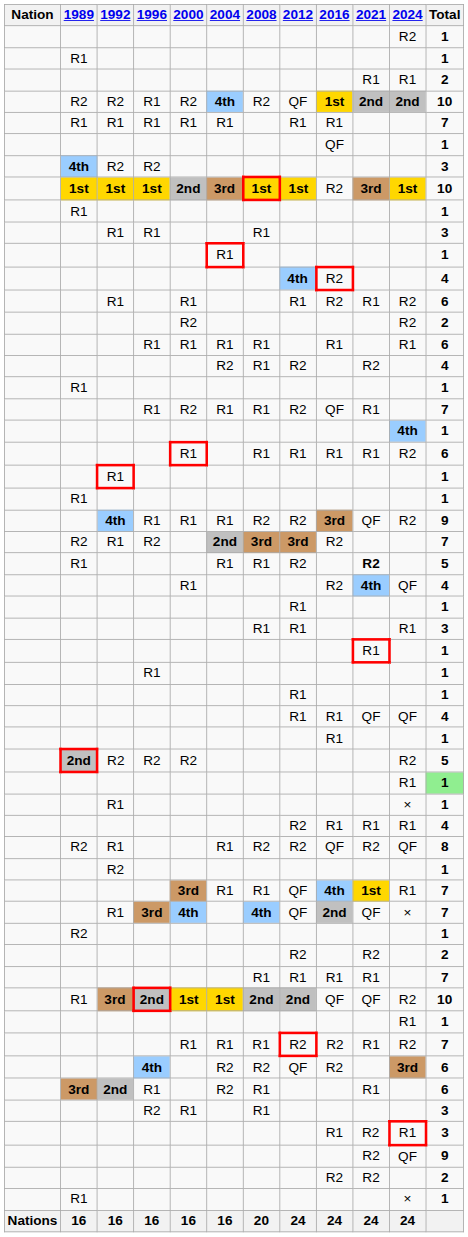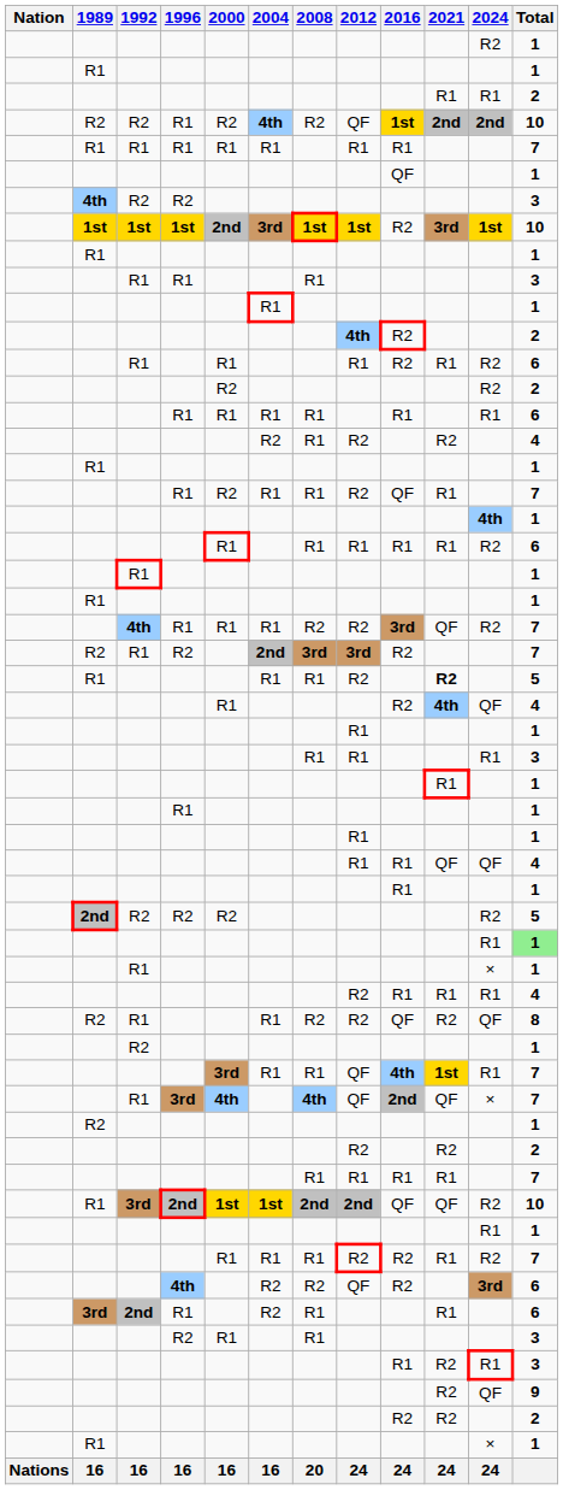 <table class="wikitable" style="text-align:center">
 <tr>
 <th>Nation</th>
 <th><a href='#'>1989</a><br></th>
 <th><a href='#'>1992</a><br></th>
 <th><a href='#'>1996</a><br></th>
 <th><a href='#'>2000</a><br></th>
 <th><a href='#'>2004</a><br></th>
 <th><a href='#'>2008</a><br></th>
 <th><a href='#'>2012</a><br></th>
 <th><a href='#'>2016</a><br></th>
 <th><a href='#'>2021</a><br></th>
 <th><a href='#'>2024</a><br></th>
 <th>Total</th>
 </tr>
 <tr>
 <td align=left></td>
 <td></td>
 <td></td>
 <td></td>
 <td></td>
 <td></td>
 <td></td>
 <td></td>
 <td></td>
 <td></td>
 <td>R2</td>
 <td><strong>1</strong></td>
 </tr>
 <tr>
 <td align=left></td>
 <td>R1</td>
 <td></td>
 <td></td>
 <td></td>
 <td></td>
 <td></td>
 <td></td>
 <td></td>
 <td></td>
 <td></td>
 <td><strong>1</strong></td>
 </tr>
 <tr>
 <td align=left></td>
 <td></td>
 <td></td>
 <td></td>
 <td></td>
 <td></td>
 <td></td>
 <td></td>
 <td></td>
 <td>R1</td>
 <td>R1</td>
 <td><strong>2</strong></td>
 </tr>
 <tr>
 <td align=left></td>
 <td>R2</td>
 <td>R2</td>
 <td>R1</td>
 <td>R2</td>
 <td bgcolor=9acdff><strong>4th</strong></td>
 <td>R2</td>
 <td>QF</td>
 <td bgcolor=gold><strong>1st</strong></td>
 <td bgcolor=silver><strong>2nd</strong></td>
 <td bgcolor=silver><strong>2nd</strong></td>
 <td><strong>10</strong></td>
 </tr>
 <tr>
 <td align=left></td>
 <td>R1</td>
 <td>R1</td>
 <td>R1</td>
 <td>R1</td>
 <td>R1</td>
 <td></td>
 <td>R1</td>
 <td>R1</td>
 <td></td>
 <td></td>
 <td><strong>7</strong></td>
 </tr>
 <tr>
 <td align=left></td>
 <td></td>
 <td></td>
 <td></td>
 <td></td>
 <td></td>
 <td></td>
 <td></td>
 <td>QF</td>
 <td></td>
 <td></td>
 <td><strong>1</strong></td>
 </tr>
 <tr>
 <td align=left></td>
 <td bgcolor=9acdff><strong>4th</strong></td>
 <td>R2</td>
 <td>R2</td>
 <td></td>
 <td></td>
 <td></td>
 <td></td>
 <td></td>
 <td></td>
 <td></td>
 <td><strong>3</strong></td>
 </tr>
 <tr>
 <td align="left"></td>
 <td bgcolor="gold"><strong>1st</strong></td>
 <td bgcolor="gold"><strong>1st</strong></td>
 <td bgcolor="gold"><strong>1st</strong></td>
 <td bgcolor="silver"><strong>2nd</strong></td>
 <td bgcolor="cc9966"><strong>3rd</strong></td>
 <td bgcolor="gold" style="border:3px solid red"><strong>1st</strong></td>
 <td bgcolor="gold"><strong>1st</strong></td>
 <td>R2</td>
 <td bgcolor="cc9966"><strong>3rd</strong></td>
 <td bgcolor="gold"><strong>1st</strong></td>
 <td><strong>10</strong></td>
 </tr>
 <tr>
 <td align=left></td>
 <td>R1</td>
 <td></td>
 <td></td>
 <td></td>
 <td></td>
 <td></td>
 <td></td>
 <td></td>
 <td></td>
 <td></td>
 <td><strong>1</strong></td>
 </tr>
 <tr>
 <td align=left></td>
 <td></td>
 <td>R1</td>
 <td>R1</td>
 <td></td>
 <td></td>
 <td>R1</td>
 <td></td>
 <td></td>
 <td></td>
 <td></td>
 <td><strong>3</strong></td>
 </tr>
 <tr>
 <td align=left></td>
 <td></td>
 <td></td>
 <td></td>
 <td></td>
 <td style="border:3px solid red">R1</td>
 <td></td>
 <td></td>
 <td></td>
 <td></td>
 <td></td>
 <td><strong>1</strong></td>
 </tr>
 <tr>
 <td align=left></td>
 <td></td>
 <td></td>
 <td></td>
 <td></td>
 <td></td>
 <td></td>
 <td bgcolor=9acdff><strong>4th</strong></td>
 <td style="border:3px solid red">R2</td>
 <td></td>
 <td></td>
-<td><strong>4</strong></td>
+<td><strong>2</strong></td>
 </tr>
 <tr>
 <td align=left></td>
 <td></td>
 <td>R1</td>
 <td></td>
 <td>R1</td>
 <td></td>
 <td></td>
 <td>R1</td>
 <td>R2</td>
 <td>R1</td>
 <td>R2</td>
 <td><strong>6</strong></td>
 </tr>
 <tr>
 <td align=left></td>
 <td></td>
 <td></td>
 <td></td>
 <td>R2</td>
 <td></td>
 <td></td>
 <td></td>
 <td></td>
 <td></td>
 <td>R2</td>
 <td><strong>2</strong></td>
 </tr>
 <tr>
 <td align=left></td>
 <td></td>
 <td></td>
 <td>R1</td>
 <td>R1</td>
 <td>R1</td>
 <td>R1</td>
 <td></td>
 <td>R1</td>
 <td></td>
 <td>R1</td>
 <td><strong>6</strong></td>
 </tr>
 <tr>
 <td align=left></td>
 <td></td>
 <td></td>
 <td></td>
 <td></td>
 <td>R2</td>
 <td>R1</td>
 <td>R2</td>
 <td></td>
 <td>R2</td>
 <td></td>
 <td><strong>4</strong></td>
 </tr>
 <tr>
 <td align=left></td>
 <td>R1</td>
 <td></td>
 <td></td>
 <td></td>
 <td></td>
 <td></td>
 <td></td>
 <td></td>
 <td></td>
 <td></td>
 <td><strong>1</strong></td>
 </tr>
 <tr>
 <td align=left></td>
 <td></td>
 <td></td>
 <td>R1</td>
 <td>R2</td>
 <td>R1</td>
 <td>R1</td>
 <td>R2</td>
 <td>QF</td>
 <td>R1</td>
 <td></td>
 <td><strong>7</strong></td>
 </tr>
 <tr>
 <td align=left></td>
 <td></td>
 <td></td>
 <td></td>
 <td></td>
 <td></td>
 <td></td>
 <td></td>
 <td></td>
 <td></td>
 <td bgcolor=9acdff><strong>4th</strong></td>
 <td><strong>1</strong></td>
 </tr>
 <tr>
 <td align=left></td>
 <td></td>
 <td></td>
 <td></td>
 <td style="border:3px solid red">R1</td>
 <td></td>
 <td>R1</td>
 <td>R1</td>
 <td>R1</td>
 <td>R1</td>
 <td>R2</td>
 <td><strong>6</strong></td>
 </tr>
 <tr>
 <td align=left></td>
 <td></td>
 <td style="border:3px solid red">R1</td>
 <td></td>
 <td></td>
 <td></td>
 <td></td>
 <td></td>
 <td></td>
 <td></td>
 <td></td>
 <td><strong>1</strong></td>
 </tr>
 <tr>
 <td align=left></td>
 <td>R1</td>
 <td></td>
 <td></td>
 <td></td>
 <td></td>
 <td></td>
 <td></td>
 <td></td>
 <td></td>
 <td></td>
 <td><strong>1</strong></td>
 </tr>
 <tr>
 <td align=left></td>
 <td></td>
 <td bgcolor=9acdff><strong>4th</strong></td>
 <td>R1</td>
 <td>R1</td>
 <td>R1</td>
 <td>R2</td>
 <td>R2</td>
 <td bgcolor=cc9966><strong>3rd</strong></td>
 <td>QF</td>
 <td>R2</td>
-<td><strong>9</strong></td>
+<td><strong>7</strong></td>
 </tr>
 <tr>
 <td align=left></td>
 <td>R2</td>
 <td>R1</td>
 <td>R2</td>
 <td></td>
 <td bgcolor=silver><strong>2nd</strong></td>
 <td bgcolor=cc9966><strong>3rd</strong></td>
 <td bgcolor=cc9966><strong>3rd</strong></td>
 <td>R2</td>
 <td></td>
 <td></td>
 <td><strong>7</strong></td>
 </tr>
 <tr>
 <td align=left></td>
 <td>R1</td>
 <td></td>
 <td></td>
 <td></td>
 <td>R1</td>
 <td>R1</td>
 <td>R2</td>
 <td></td>
 <td><strong>R2</strong></td>
 <td></td>
 <td><strong>5</strong></td>
 </tr>
 <tr>
 <td align=left></td>
 <td></td>
 <td></td>
 <td></td>
 <td>R1</td>
 <td></td>
 <td></td>
 <td></td>
 <td>R2</td>
 <td bgcolor=9acdff><strong>4th</strong></td>
 <td>QF</td>
 <td><strong>4</strong></td>
 </tr>
 <tr>
 <td align=left></td>
 <td></td>
 <td></td>
 <td></td>
 <td></td>
 <td></td>
 <td></td>
 <td>R1</td>
 <td></td>
 <td></td>
 <td></td>
 <td><strong>1</strong></td>
 </tr>
 <tr>
 <td align=left></td>
 <td></td>
 <td></td>
 <td></td>
 <td></td>
 <td></td>
 <td>R1</td>
 <td>R1</td>
 <td></td>
 <td></td>
 <td>R1</td>
 <td><strong>3</strong></td>
 </tr>
 <tr>
 <td align=left></td>
 <td></td>
 <td></td>
 <td></td>
 <td></td>
 <td></td>
 <td></td>
 <td></td>
 <td></td>
 <td style="border:3px solid red">R1</td>
 <td></td>
 <td><strong>1</strong></td>
 </tr>
 <tr>
 <td align=left></td>
 <td></td>
 <td></td>
 <td>R1</td>
 <td></td>
 <td></td>
 <td></td>
 <td></td>
 <td></td>
 <td></td>
 <td></td>
 <td><strong>1</strong></td>
 </tr>
 <tr>
 <td align=left></td>
 <td></td>
 <td></td>
 <td></td>
 <td></td>
 <td></td>
 <td></td>
 <td>R1</td>
 <td></td>
 <td></td>
 <td></td>
 <td><strong>1</strong></td>
 </tr>
 <tr>
 <td align=left></td>
 <td></td>
 <td></td>
 <td></td>
 <td></td>
 <td></td>
 <td></td>
 <td>R1</td>
 <td>R1</td>
 <td>QF</td>
 <td>QF</td>
 <td><strong>4</strong></td>
 </tr>
 <tr>
 <td align=left></td>
 <td></td>
 <td></td>
 <td></td>
 <td></td>
 <td></td>
 <td></td>
 <td></td>
 <td>R1</td>
 <td></td>
 <td></td>
 <td><strong>1</strong></td>
 </tr>
 <tr>
 <td align=left></td>
 <td bgcolor=silver style="border:3px solid red"><strong>2nd</strong></td>
 <td>R2</td>
 <td>R2</td>
 <td>R2</td>
 <td></td>
 <td></td>
 <td></td>
 <td></td>
 <td></td>
 <td>R2</td>
 <td><strong>5</strong></td>
 </tr>
 <tr>
 <td align=left></td>
 <td></td>
 <td></td>
 <td></td>
 <td></td>
 <td></td>
 <td></td>
 <td></td>
 <td></td>
 <td></td>
 <td>R1</td>
 <td style="background: lightgreen;"><strong>1</strong></td>
 </tr>
 <tr>
 <td align=left></td>
 <td></td>
 <td>R1</td>
 <td></td>
 <td></td>
 <td></td>
 <td></td>
 <td></td>
 <td></td>
 <td></td>
 <td>×</td>
 <td><strong>1</strong></td>
 </tr>
 <tr>
 <td align=left></td>
 <td></td>
 <td></td>
 <td></td>
 <td></td>
 <td></td>
 <td></td>
 <td>R2</td>
 <td>R1</td>
 <td>R1</td>
 <td>R1</td>
 <td><strong>4</strong></td>
 </tr>
 <tr>
 <td align=left></td>
 <td>R2</td>
 <td>R1</td>
 <td></td>
 <td></td>
 <td>R1</td>
 <td>R2</td>
 <td>R2</td>
 <td>QF</td>
 <td>R2</td>
 <td>QF</td>
 <td><strong>8</strong></td>
 </tr>
 <tr>
 <td align=left></td>
 <td></td>
 <td>R2</td>
 <td></td>
 <td></td>
 <td></td>
 <td></td>
 <td></td>
 <td></td>
 <td></td>
 <td></td>
 <td><strong>1</strong></td>
 </tr>
 <tr>
 <td align=left></td>
 <td></td>
 <td></td>
 <td></td>
 <td bgcolor=cc9966><strong>3rd</strong></td>
 <td>R1</td>
 <td>R1</td>
 <td>QF</td>
 <td bgcolor=9acdff><strong>4th</strong></td>
 <td bgcolor=gold><strong>1st</strong></td>
 <td>R1</td>
 <td><strong>7</strong></td>
 </tr>
 <tr>
 <td align=left></td>
 <td></td>
 <td>R1</td>
 <td bgcolor=cc9966><strong>3rd</strong></td>
 <td bgcolor=9acdff><strong>4th</strong></td>
 <td></td>
 <td bgcolor=9acdff><strong>4th</strong></td>
 <td>QF</td>
 <td bgcolor=silver><strong>2nd</strong></td>
 <td>QF</td>
 <td>×</td>
 <td><strong>7</strong></td>
 </tr>
 <tr>
 <td align=left></td>
 <td>R2</td>
 <td></td>
 <td></td>
 <td></td>
 <td></td>
 <td></td>
 <td></td>
 <td></td>
 <td></td>
 <td></td>
 <td><strong>1</strong></td>
 </tr>
 <tr>
 <td align=left></td>
 <td></td>
 <td></td>
 <td></td>
 <td></td>
 <td></td>
 <td></td>
 <td>R2</td>
 <td></td>
 <td>R2</td>
 <td></td>
 <td><strong>2</strong></td>
 </tr>
 <tr>
 <td align=left></td>
 <td></td>
 <td></td>
 <td></td>
 <td></td>
 <td></td>
 <td>R1</td>
 <td>R1</td>
 <td>R1</td>
 <td>R1</td>
 <td></td>
 <td><strong>7</strong></td>
 </tr>
 <tr>
 <td align=left></td>
 <td>R1</td>
 <td bgcolor=cc9966><strong>3rd</strong></td>
 <td bgcolor=silver style="border:3px solid red"><strong>2nd</strong></td>
 <td bgcolor=gold><strong>1st</strong></td>
 <td bgcolor=gold><strong>1st</strong></td>
 <td bgcolor=silver><strong>2nd</strong></td>
 <td bgcolor=silver><strong>2nd</strong></td>
 <td>QF</td>
 <td>QF</td>
 <td>R2</td>
 <td><strong>10</strong></td>
 </tr>
 <tr>
 <td align=left></td>
 <td></td>
 <td></td>
 <td></td>
 <td></td>
 <td></td>
 <td></td>
 <td></td>
 <td></td>
 <td></td>
 <td>R1</td>
 <td><strong>1</strong></td>
 </tr>
 <tr>
 <td align=left></td>
 <td></td>
 <td></td>
 <td></td>
 <td>R1</td>
 <td>R1</td>
 <td>R1</td>
 <td style="border:3px solid red">R2</td>
 <td>R2</td>
 <td>R1</td>
 <td>R2</td>
 <td><strong>7</strong></td>
 </tr>
 <tr>
 <td align=left></td>
 <td></td>
 <td></td>
 <td bgcolor=9acdff><strong>4th</strong></td>
 <td></td>
 <td>R2</td>
 <td>R2</td>
 <td>QF</td>
 <td>R2</td>
 <td></td>
 <td bgcolor=cc9966><strong>3rd</strong></td>
 <td><strong>6</strong></td>
 </tr>
 <tr>
 <td align=left></td>
 <td bgcolor=cc9966><strong>3rd</strong></td>
 <td bgcolor=silver><strong>2nd</strong></td>
 <td>R1</td>
 <td></td>
 <td>R2</td>
 <td>R1</td>
 <td></td>
 <td></td>
 <td>R1</td>
 <td></td>
 <td><strong>6</strong></td>
 </tr>
 <tr>
 <td align=left></td>
 <td></td>
 <td></td>
 <td>R2</td>
 <td>R1</td>
 <td></td>
 <td>R1</td>
 <td></td>
 <td></td>
 <td></td>
 <td></td>
 <td><strong>3</strong></td>
 </tr>
 <tr>
 <td align=left></td>
 <td></td>
 <td></td>
 <td></td>
 <td></td>
 <td></td>
 <td></td>
 <td></td>
 <td>R1</td>
 <td>R2</td>
 <td style="border:3px solid red">R1</td>
 <td><strong>3</strong></td>
 </tr>
 <tr>
 <td align=left></td>
 <td></td>
 <td></td>
 <td></td>
 <td></td>
 <td></td>
 <td></td>
 <td></td>
 <td></td>
 <td>R2</td>
 <td>QF</td>
 <td><strong>9</strong></td>
 </tr>
 <tr>
 <td align=left></td>
 <td></td>
 <td></td>
 <td></td>
 <td></td>
 <td></td>
 <td></td>
 <td></td>
 <td>R2</td>
 <td>R2</td>
 <td></td>
 <td><strong>2</strong></td>
 </tr>
 <tr>
 <td align=left></td>
 <td>R1</td>
 <td></td>
 <td></td>
 <td></td>
 <td></td>
 <td></td>
 <td></td>
 <td></td>
 <td></td>
 <td>×</td>
 <td><strong>1</strong></td>
 </tr>
 <tr>
 <th>Nations</th>
 <th>16</th>
 <th>16</th>
 <th>16</th>
 <th>16</th>
 <th>16</th>
 <th>20</th>
 <th>24</th>
 <th>24</th>
 <th>24</th>
 <th>24</th>
 <th></th>
 </tr>
 </table>
